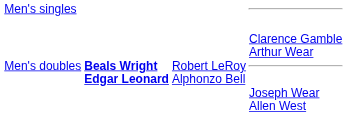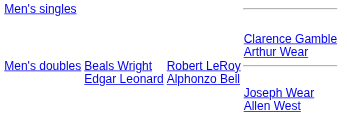 <table>
 <tr>
 <td><a href='#'>Men's singles</a></td>
 <td></td>
 <td></td>
 <td> <hr> </td>
 </tr>
 <tr>
 <td><a href='#'>Men's doubles</a></td>
-<td><strong><br><a href='#'>Beals Wright</a><br><a href='#'>Edgar Leonard</a></strong></td>
+<td><br><a href='#'>Beals Wright</a><br><a href='#'>Edgar Leonard</a></td>
 <td><br><a href='#'>Robert LeRoy</a><br><a href='#'>Alphonzo Bell</a></td>
 <td><br><a href='#'>Clarence Gamble</a><br><a href='#'>Arthur Wear</a> <hr> <br><a href='#'>Joseph Wear</a><br><a href='#'>Allen West</a></td>
 </tr>
 </table>
